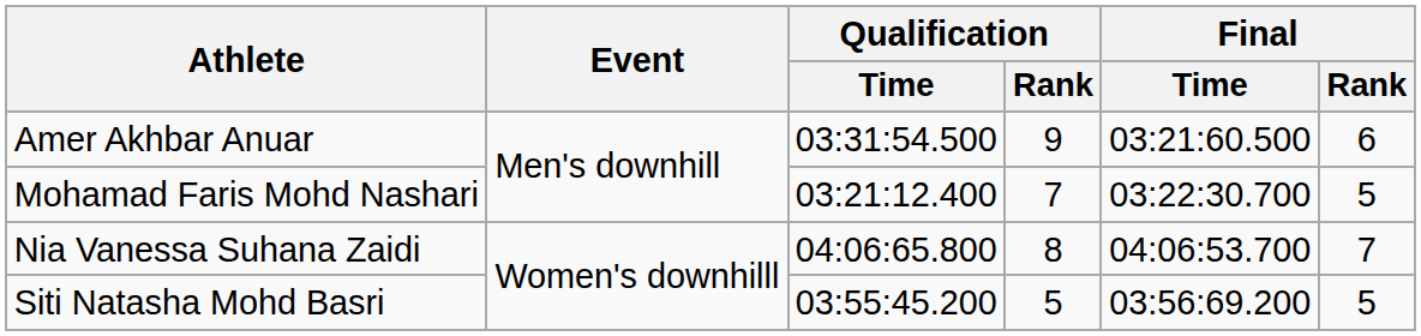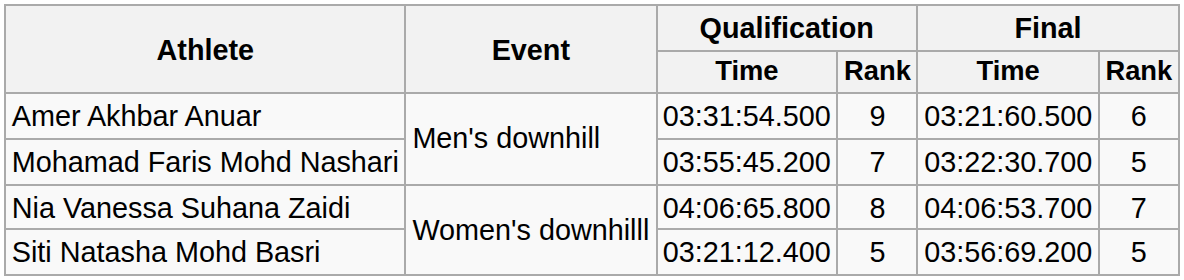 <table class="wikitable" style="font-size:90%">
 <tr>
 <th rowspan="2">Athlete</th>
 <th rowspan="2">Event</th>
 <th colspan="2">Qualification</th>
 <th colspan="2">Final</th>
 </tr>
 <tr style="font-size:95%">
 <th>Time</th>
 <th>Rank</th>
 <th>Time</th>
 <th>Rank</th>
 </tr>
 <tr align="center">
 <td align="left">Amer Akhbar Anuar</td>
 <td rowspan="2" align="left">Men's downhill</td>
 <td>03:31:54.500</td>
 <td>9 <strong></strong></td>
 <td>03:21:60.500</td>
 <td>6</td>
 </tr>
 <tr align="center">
 <td align="left">Mohamad Faris Mohd Nashari</td>
-<td>03:21:12.400</td>
+<td>03:55:45.200</td>
 <td>7 <strong></strong></td>
 <td>03:22:30.700</td>
 <td>5</td>
 </tr>
 <tr align="center">
 <td align="left">Nia Vanessa Suhana Zaidi</td>
 <td rowspan="2">Women's downhilll</td>
 <td>04:06:65.800</td>
 <td>8 <strong></strong></td>
 <td>04:06:53.700</td>
 <td>7</td>
 </tr>
 <tr align="center">
 <td align="left">Siti Natasha Mohd Basri</td>
-<td>03:55:45.200</td>
+<td>03:21:12.400</td>
 <td>5 <strong></strong></td>
 <td>03:56:69.200</td>
 <td>5</td>
 </tr>
 </table>
